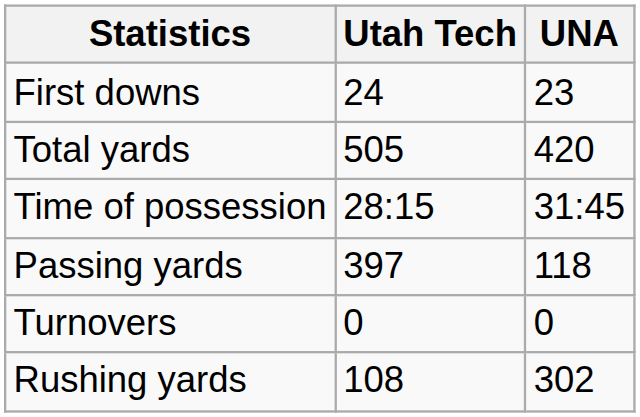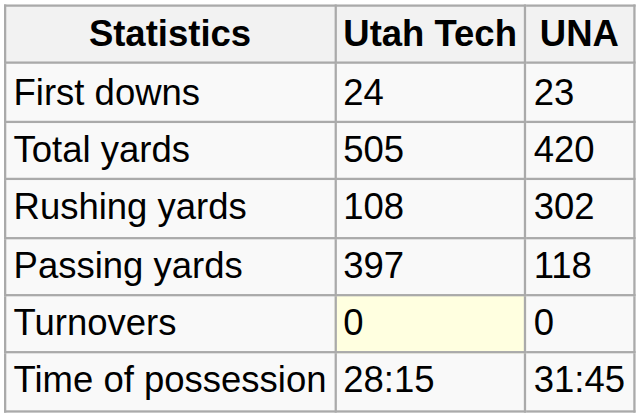 <table class="wikitable" style="float: left;">
 <tr>
 <th>Statistics</th>
 <th>Utah Tech</th>
 <th>UNA</th>
 </tr>
 <tr>
 <td>First downs</td>
 <td>24</td>
 <td>23</td>
 </tr>
 <tr>
 <td>Total yards</td>
 <td>505</td>
 <td>420</td>
 </tr>
 <tr>
-<td>Time of possession</td>
-<td>28:15</td>
-<td>31:45</td>
+<td>Rushing yards</td>
+<td>108</td>
+<td>302</td>
 </tr>
 <tr>
 <td>Passing yards</td>
 <td>397</td>
 <td>118</td>
 </tr>
 <tr>
 <td>Turnovers</td>
-<td>0</td>
+<td style="background: lightyellow;">0</td>
 <td>0</td>
 </tr>
 <tr>
-<td>Rushing yards</td>
-<td>108</td>
-<td>302</td>
+<td>Time of possession</td>
+<td>28:15</td>
+<td>31:45</td>
 </tr>
 </table>
